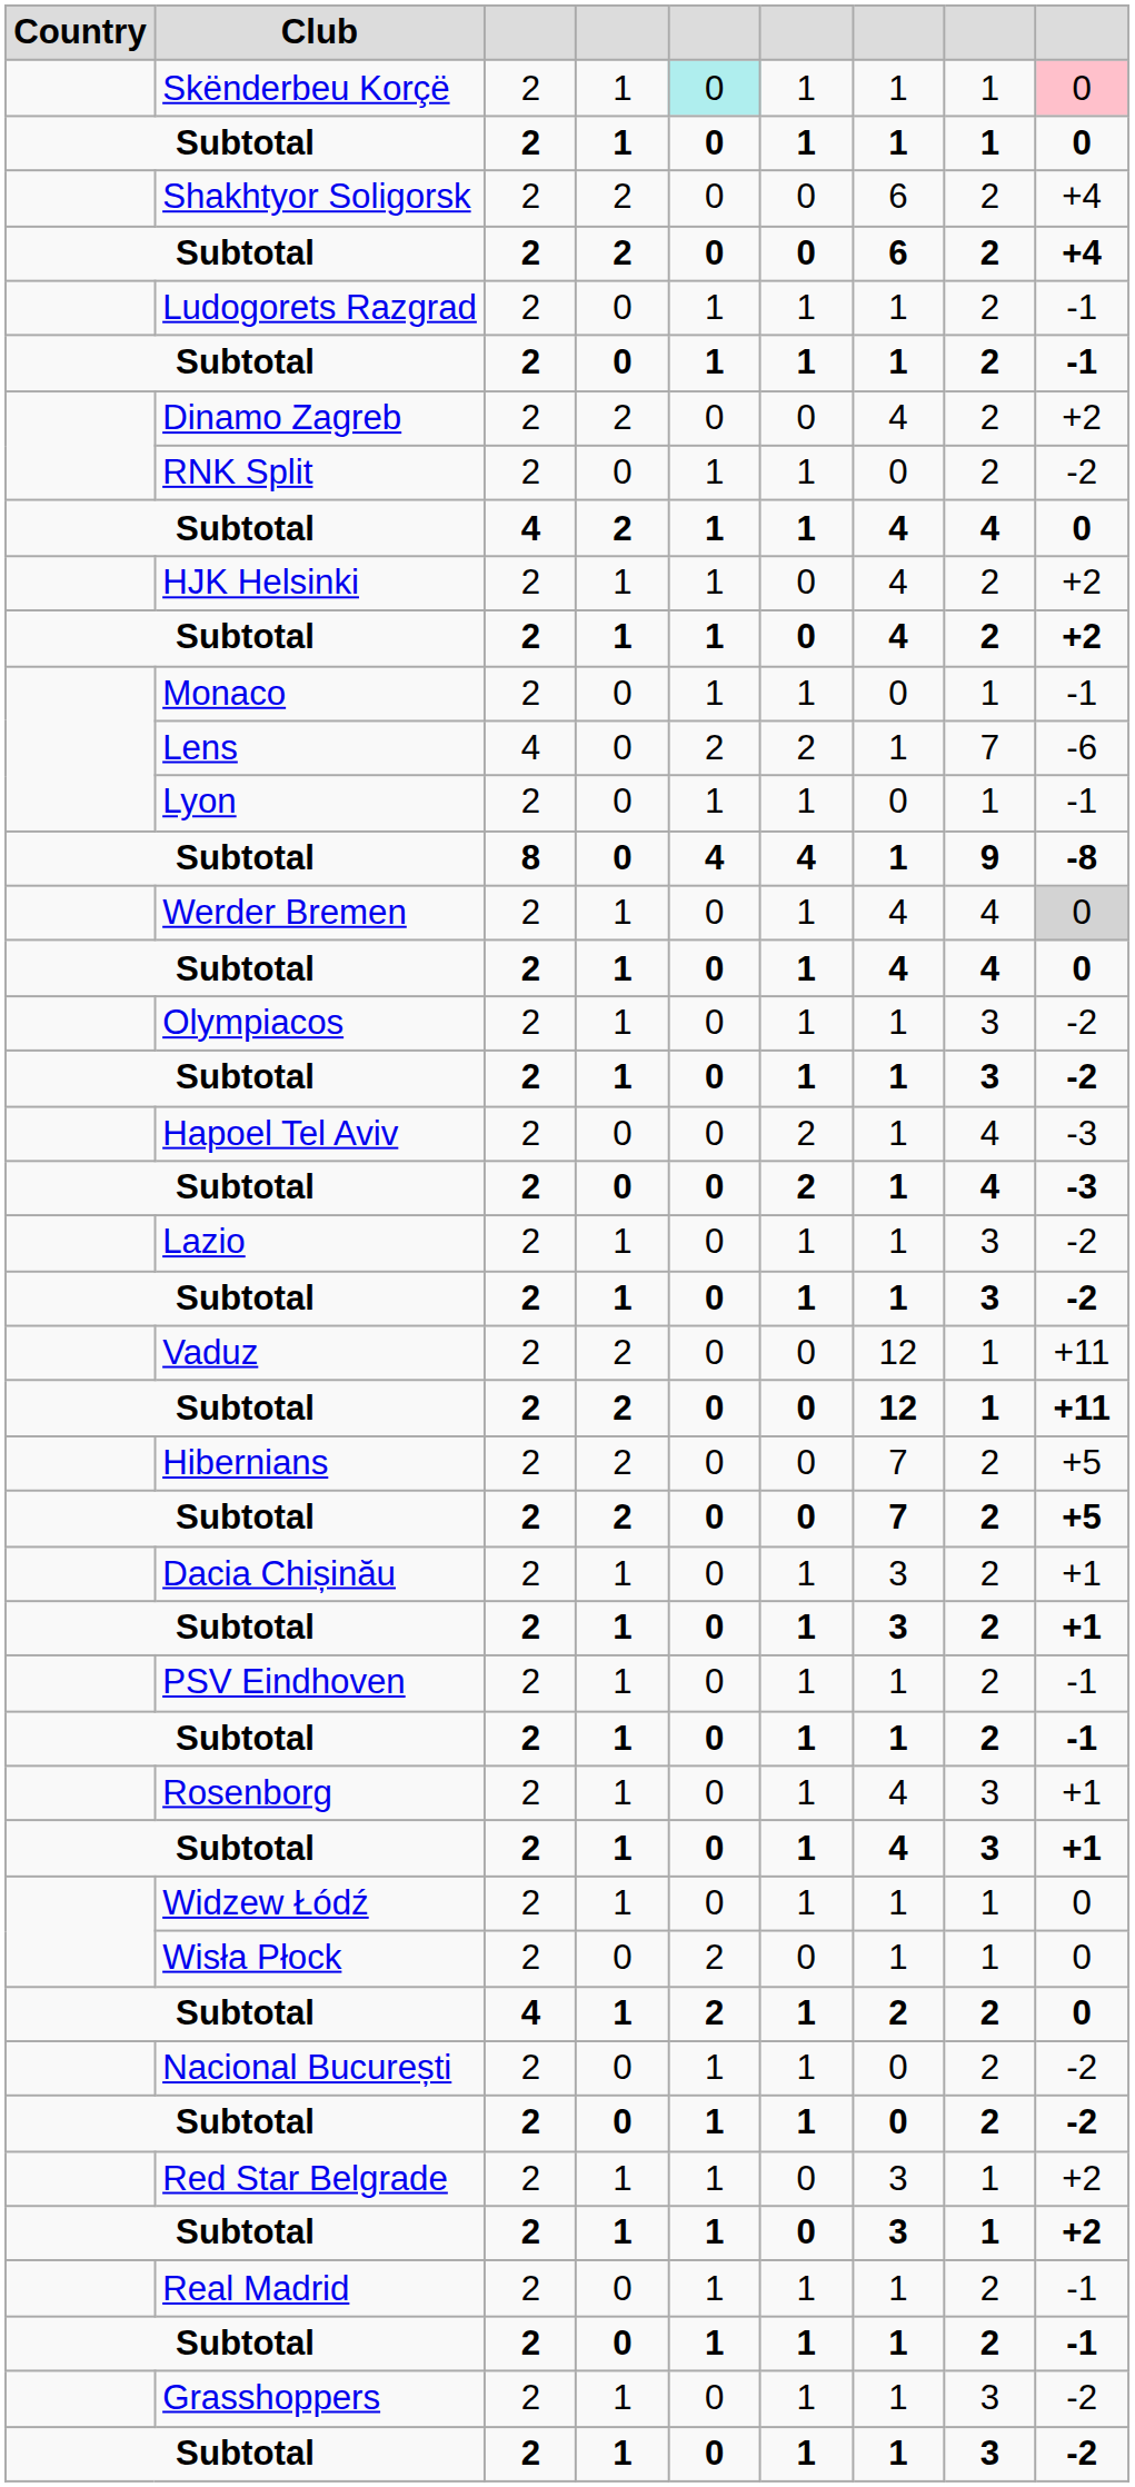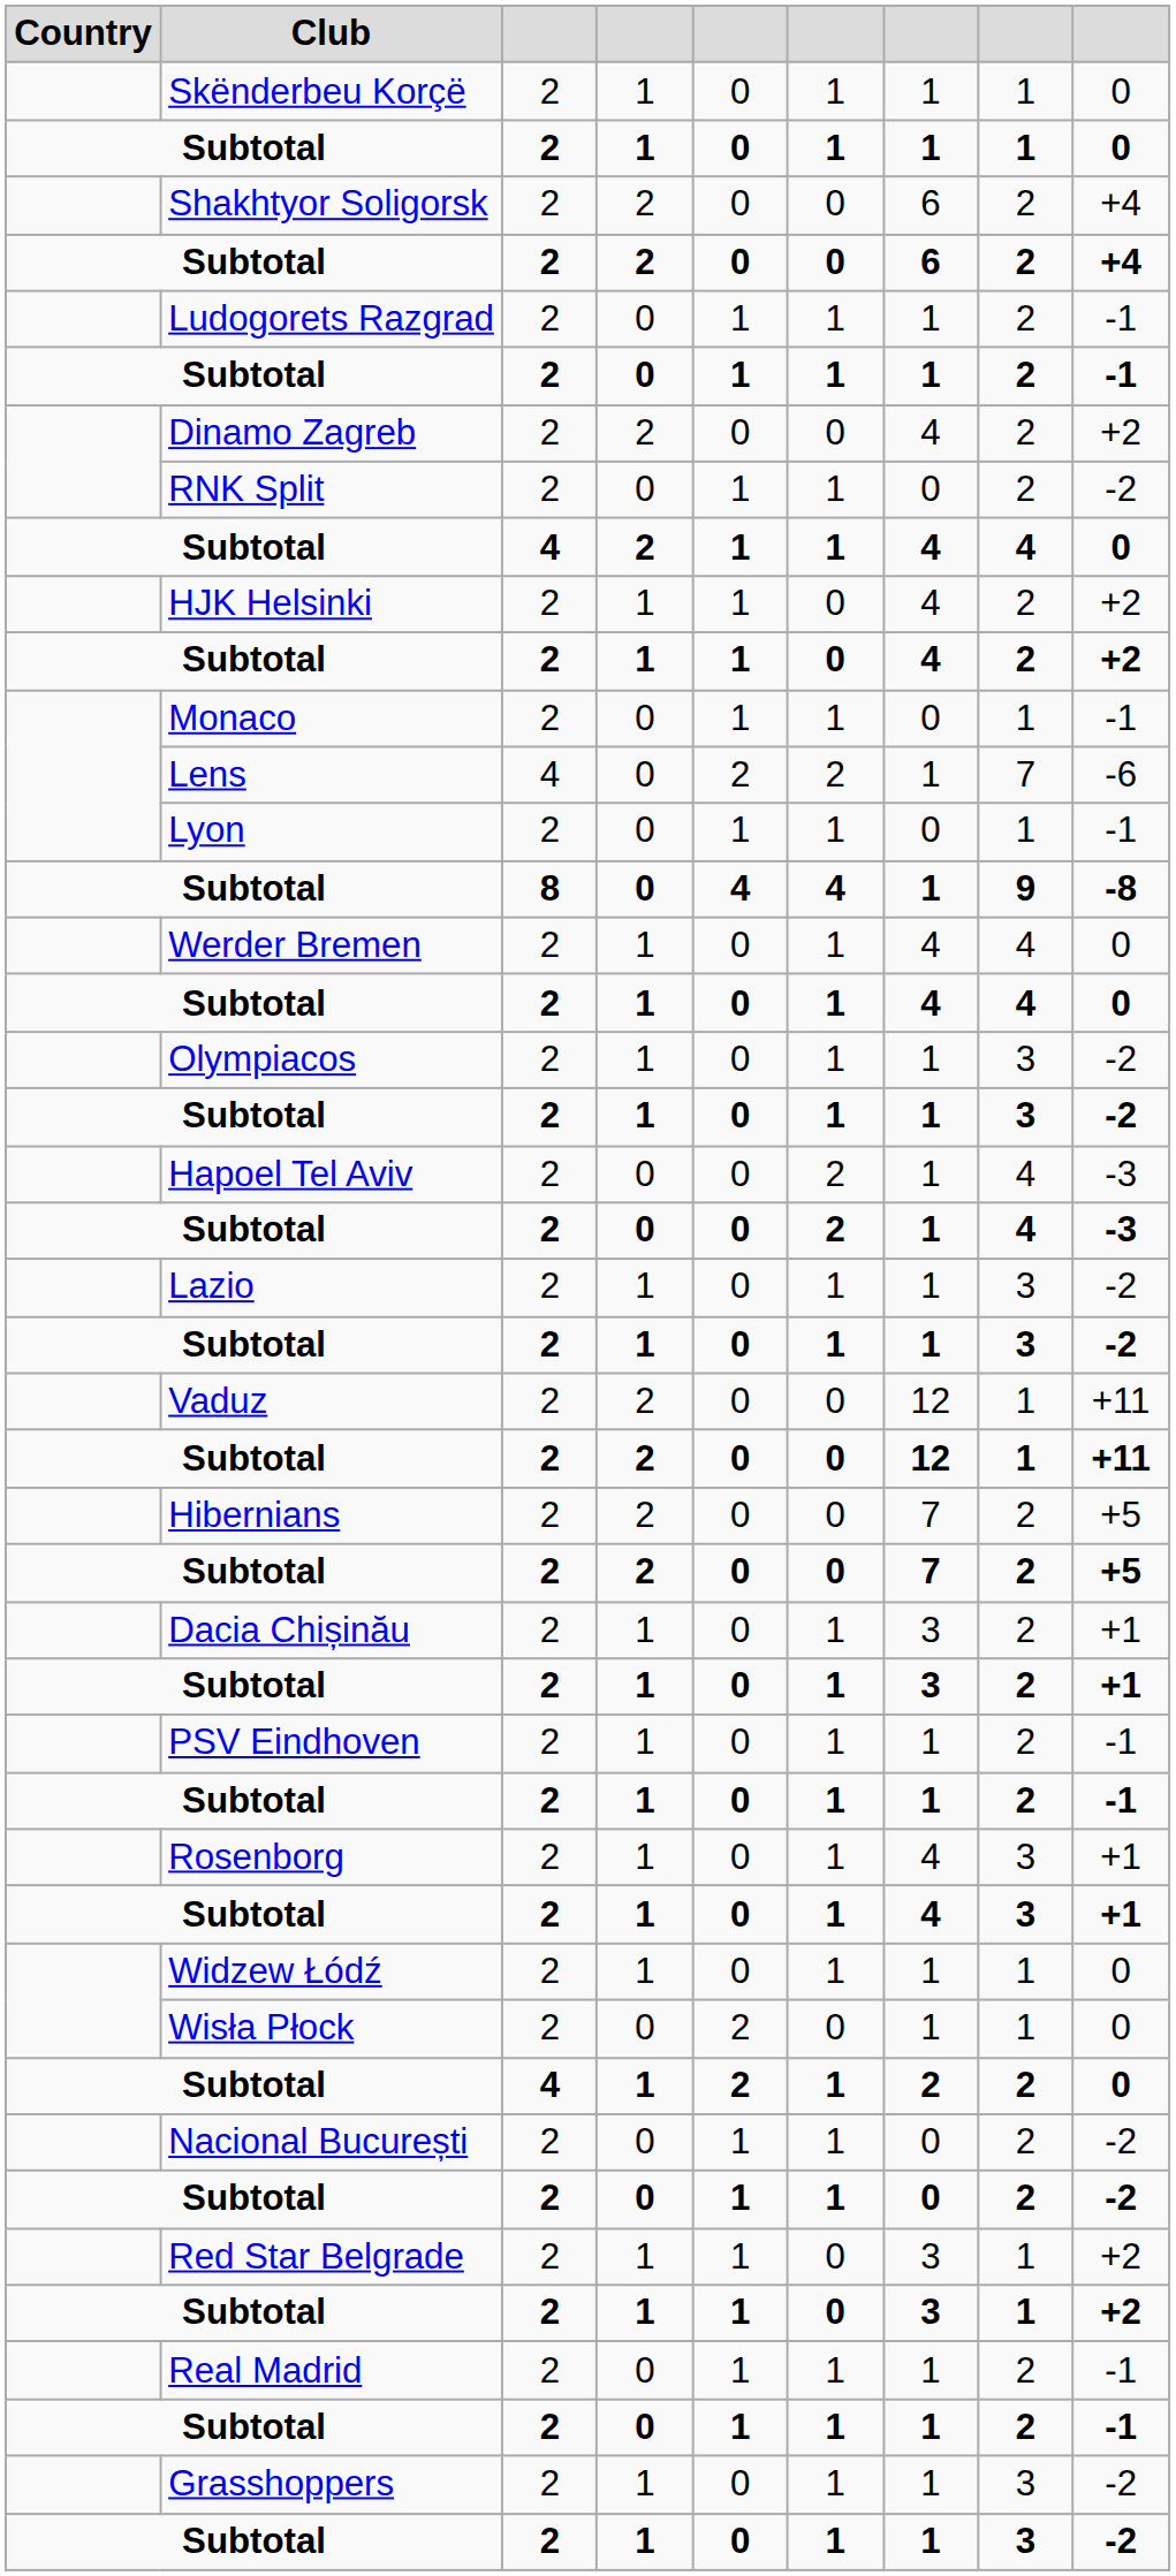 <table class="wikitable" style="text-align: center;">
 <tr>
 <th style="background:#DCDCDC">Country</th>
 <th style="background:#DCDCDC">Club</th>
 <th width="35" style="background:#DCDCDC"></th>
 <th width="35" style="background:#DCDCDC"></th>
 <th width="35" style="background:#DCDCDC"></th>
 <th width="35" style="background:#DCDCDC"></th>
 <th width="35" style="background:#DCDCDC"></th>
 <th width="35" style="background:#DCDCDC"></th>
 <th width="35" style="background:#DCDCDC"></th>
 </tr>
 <tr>
 <td rowspan=1 align=left></td>
 <td align=left><a href='#'>Skënderbeu Korçë</a></td>
 <td>2</td>
 <td>1</td>
-<td style="background: paleturquoise;">0</td>
+<td>0</td>
 <td>1</td>
 <td>1</td>
 <td>1</td>
-<td style="background: pink;">0</td>
+<td>0</td>
 </tr>
 <tr>
 <td colspan=2 align-"center"><strong>Subtotal</strong></td>
 <td><strong>2</strong></td>
 <td><strong>1</strong></td>
 <td><strong>0</strong></td>
 <td><strong>1</strong></td>
 <td><strong>1</strong></td>
 <td><strong>1</strong></td>
 <td><strong>0</strong></td>
 </tr>
 <tr>
 <td rowspan=1 align=left></td>
 <td align=left><a href='#'>Shakhtyor Soligorsk</a></td>
 <td>2</td>
 <td>2</td>
 <td>0</td>
 <td>0</td>
 <td>6</td>
 <td>2</td>
 <td>+4</td>
 </tr>
 <tr>
 <td colspan=2 align-"center"><strong>Subtotal</strong></td>
 <td><strong>2</strong></td>
 <td><strong>2</strong></td>
 <td><strong>0</strong></td>
 <td><strong>0</strong></td>
 <td><strong>6</strong></td>
 <td><strong>2</strong></td>
 <td><strong>+4</strong></td>
 </tr>
 <tr>
 <td rowspan=1 align=left></td>
 <td align=left><a href='#'>Ludogorets Razgrad</a></td>
 <td>2</td>
 <td>0</td>
 <td>1</td>
 <td>1</td>
 <td>1</td>
 <td>2</td>
 <td>-1</td>
 </tr>
 <tr>
 <td colspan=2 align-"center"><strong>Subtotal</strong></td>
 <td><strong>2</strong></td>
 <td><strong>0</strong></td>
 <td><strong>1</strong></td>
 <td><strong>1</strong></td>
 <td><strong>1</strong></td>
 <td><strong>2</strong></td>
 <td><strong>-1</strong></td>
 </tr>
 <tr>
 <td rowspan=2 align=left></td>
 <td align=left><a href='#'>Dinamo Zagreb</a></td>
 <td>2</td>
 <td>2</td>
 <td>0</td>
 <td>0</td>
 <td>4</td>
 <td>2</td>
 <td>+2</td>
 </tr>
 <tr>
 <td align=left><a href='#'>RNK Split</a></td>
 <td>2</td>
 <td>0</td>
 <td>1</td>
 <td>1</td>
 <td>0</td>
 <td>2</td>
 <td>-2</td>
 </tr>
 <tr>
 <td colspan=2 align-"center"><strong>Subtotal</strong></td>
 <td><strong>4</strong></td>
 <td><strong>2</strong></td>
 <td><strong>1</strong></td>
 <td><strong>1</strong></td>
 <td><strong>4</strong></td>
 <td><strong>4</strong></td>
 <td><strong>0</strong></td>
 </tr>
 <tr>
 <td rowspan=1 align=left></td>
 <td align=left><a href='#'>HJK Helsinki</a></td>
 <td>2</td>
 <td>1</td>
 <td>1</td>
 <td>0</td>
 <td>4</td>
 <td>2</td>
 <td>+2</td>
 </tr>
 <tr>
 <td colspan=2 align-"center"><strong>Subtotal</strong></td>
 <td><strong>2</strong></td>
 <td><strong>1</strong></td>
 <td><strong>1</strong></td>
 <td><strong>0</strong></td>
 <td><strong>4</strong></td>
 <td><strong>2</strong></td>
 <td><strong>+2</strong></td>
 </tr>
 <tr>
 <td rowspan=3 align=left></td>
 <td align=left><a href='#'>Monaco</a></td>
 <td>2</td>
 <td>0</td>
 <td>1</td>
 <td>1</td>
 <td>0</td>
 <td>1</td>
 <td>-1</td>
 </tr>
 <tr>
 <td align=left><a href='#'>Lens</a></td>
 <td>4</td>
 <td>0</td>
 <td>2</td>
 <td>2</td>
 <td>1</td>
 <td>7</td>
 <td>-6</td>
 </tr>
 <tr>
 <td align=left><a href='#'>Lyon</a></td>
 <td>2</td>
 <td>0</td>
 <td>1</td>
 <td>1</td>
 <td>0</td>
 <td>1</td>
 <td>-1</td>
 </tr>
 <tr>
 <td colspan=2 align-"center"><strong>Subtotal</strong></td>
 <td><strong>8</strong></td>
 <td><strong>0</strong></td>
 <td><strong>4</strong></td>
 <td><strong>4</strong></td>
 <td><strong>1</strong></td>
 <td><strong>9</strong></td>
 <td><strong>-8</strong></td>
 </tr>
 <tr>
 <td rowspan=1 align=left></td>
 <td align=left><a href='#'>Werder Bremen</a></td>
 <td>2</td>
 <td>1</td>
 <td>0</td>
 <td>1</td>
 <td>4</td>
 <td>4</td>
-<td style="background: lightgrey;">0</td>
+<td>0</td>
 </tr>
 <tr>
 <td colspan=2 align-"center"><strong>Subtotal</strong></td>
 <td><strong>2</strong></td>
 <td><strong>1</strong></td>
 <td><strong>0</strong></td>
 <td><strong>1</strong></td>
 <td><strong>4</strong></td>
 <td><strong>4</strong></td>
 <td><strong>0</strong></td>
 </tr>
 <tr>
 <td rowspan=1 align=left></td>
 <td align=left><a href='#'>Olympiacos</a></td>
 <td>2</td>
 <td>1</td>
 <td>0</td>
 <td>1</td>
 <td>1</td>
 <td>3</td>
 <td>-2</td>
 </tr>
 <tr>
 <td colspan=2 align-"center"><strong>Subtotal</strong></td>
 <td><strong>2</strong></td>
 <td><strong>1</strong></td>
 <td><strong>0</strong></td>
 <td><strong>1</strong></td>
 <td><strong>1</strong></td>
 <td><strong>3</strong></td>
 <td><strong>-2</strong></td>
 </tr>
 <tr>
 <td rowspan=1 align=left></td>
 <td align=left><a href='#'>Hapoel Tel Aviv</a></td>
 <td>2</td>
 <td>0</td>
 <td>0</td>
 <td>2</td>
 <td>1</td>
 <td>4</td>
 <td>-3</td>
 </tr>
 <tr>
 <td colspan=2 align-"center"><strong>Subtotal</strong></td>
 <td><strong>2</strong></td>
 <td><strong>0</strong></td>
 <td><strong>0</strong></td>
 <td><strong>2</strong></td>
 <td><strong>1</strong></td>
 <td><strong>4</strong></td>
 <td><strong>-3</strong></td>
 </tr>
 <tr>
 <td rowspan=1 align=left></td>
 <td align=left><a href='#'>Lazio</a></td>
 <td>2</td>
 <td>1</td>
 <td>0</td>
 <td>1</td>
 <td>1</td>
 <td>3</td>
 <td>-2</td>
 </tr>
 <tr>
 <td colspan=2 align-"center"><strong>Subtotal</strong></td>
 <td><strong>2</strong></td>
 <td><strong>1</strong></td>
 <td><strong>0</strong></td>
 <td><strong>1</strong></td>
 <td><strong>1</strong></td>
 <td><strong>3</strong></td>
 <td><strong>-2</strong></td>
 </tr>
 <tr>
 <td rowspan=1 align=left></td>
 <td align=left><a href='#'>Vaduz</a></td>
 <td>2</td>
 <td>2</td>
 <td>0</td>
 <td>0</td>
 <td>12</td>
 <td>1</td>
 <td>+11</td>
 </tr>
 <tr>
 <td colspan=2 align-"center"><strong>Subtotal</strong></td>
 <td><strong>2</strong></td>
 <td><strong>2</strong></td>
 <td><strong>0</strong></td>
 <td><strong>0</strong></td>
 <td><strong>12</strong></td>
 <td><strong>1</strong></td>
 <td><strong>+11</strong></td>
 </tr>
 <tr>
 <td rowspan=1 align=left></td>
 <td align=left><a href='#'>Hibernians</a></td>
 <td>2</td>
 <td>2</td>
 <td>0</td>
 <td>0</td>
 <td>7</td>
 <td>2</td>
 <td>+5</td>
 </tr>
 <tr>
 <td colspan=2 align-"center"><strong>Subtotal</strong></td>
 <td><strong>2</strong></td>
 <td><strong>2</strong></td>
 <td><strong>0</strong></td>
 <td><strong>0</strong></td>
 <td><strong>7</strong></td>
 <td><strong>2</strong></td>
 <td><strong>+5</strong></td>
 </tr>
 <tr>
 <td rowspan=1 align=left></td>
 <td align=left><a href='#'>Dacia Chișinău</a></td>
 <td>2</td>
 <td>1</td>
 <td>0</td>
 <td>1</td>
 <td>3</td>
 <td>2</td>
 <td>+1</td>
 </tr>
 <tr>
 <td colspan=2 align-"center"><strong>Subtotal</strong></td>
 <td><strong>2</strong></td>
 <td><strong>1</strong></td>
 <td><strong>0</strong></td>
 <td><strong>1</strong></td>
 <td><strong>3</strong></td>
 <td><strong>2</strong></td>
 <td><strong>+1</strong></td>
 </tr>
 <tr>
 <td rowspan=1 align=left></td>
 <td align=left><a href='#'>PSV Eindhoven</a></td>
 <td>2</td>
 <td>1</td>
 <td>0</td>
 <td>1</td>
 <td>1</td>
 <td>2</td>
 <td>-1</td>
 </tr>
 <tr>
 <td colspan=2 align-"center"><strong>Subtotal</strong></td>
 <td><strong>2</strong></td>
 <td><strong>1</strong></td>
 <td><strong>0</strong></td>
 <td><strong>1</strong></td>
 <td><strong>1</strong></td>
 <td><strong>2</strong></td>
 <td><strong>-1</strong></td>
 </tr>
 <tr>
 <td rowspan=1 align=left></td>
 <td align=left><a href='#'>Rosenborg</a></td>
 <td>2</td>
 <td>1</td>
 <td>0</td>
 <td>1</td>
 <td>4</td>
 <td>3</td>
 <td>+1</td>
 </tr>
 <tr>
 <td colspan=2 align-"center"><strong>Subtotal</strong></td>
 <td><strong>2</strong></td>
 <td><strong>1</strong></td>
 <td><strong>0</strong></td>
 <td><strong>1</strong></td>
 <td><strong>4</strong></td>
 <td><strong>3</strong></td>
 <td><strong>+1</strong></td>
 </tr>
 <tr>
 <td rowspan=2 align=left></td>
 <td align=left><a href='#'>Widzew Łódź</a></td>
 <td>2</td>
 <td>1</td>
 <td>0</td>
 <td>1</td>
 <td>1</td>
 <td>1</td>
 <td>0</td>
 </tr>
 <tr>
 <td align=left><a href='#'>Wisła Płock</a></td>
 <td>2</td>
 <td>0</td>
 <td>2</td>
 <td>0</td>
 <td>1</td>
 <td>1</td>
 <td>0</td>
 </tr>
 <tr>
 <td colspan=2 align-"center"><strong>Subtotal</strong></td>
 <td><strong>4</strong></td>
 <td><strong>1</strong></td>
 <td><strong>2</strong></td>
 <td><strong>1</strong></td>
 <td><strong>2</strong></td>
 <td><strong>2</strong></td>
 <td><strong>0</strong></td>
 </tr>
 <tr>
 <td rowspan=1 align=left></td>
 <td align=left><a href='#'>Nacional București</a></td>
 <td>2</td>
 <td>0</td>
 <td>1</td>
 <td>1</td>
 <td>0</td>
 <td>2</td>
 <td>-2</td>
 </tr>
 <tr>
 <td colspan=2 align-"center"><strong>Subtotal</strong></td>
 <td><strong>2</strong></td>
 <td><strong>0</strong></td>
 <td><strong>1</strong></td>
 <td><strong>1</strong></td>
 <td><strong>0</strong></td>
 <td><strong>2</strong></td>
 <td><strong>-2</strong></td>
 </tr>
 <tr>
 <td rowspan=1 align=left></td>
 <td align=left><a href='#'>Red Star Belgrade</a></td>
 <td>2</td>
 <td>1</td>
 <td>1</td>
 <td>0</td>
 <td>3</td>
 <td>1</td>
 <td>+2</td>
 </tr>
 <tr>
 <td colspan=2 align-"center"><strong>Subtotal</strong></td>
 <td><strong>2</strong></td>
 <td><strong>1</strong></td>
 <td><strong>1</strong></td>
 <td><strong>0</strong></td>
 <td><strong>3</strong></td>
 <td><strong>1</strong></td>
 <td><strong>+2</strong></td>
 </tr>
 <tr>
 <td rowspan=1 align=left></td>
 <td align=left><a href='#'>Real Madrid</a></td>
 <td>2</td>
 <td>0</td>
 <td>1</td>
 <td>1</td>
 <td>1</td>
 <td>2</td>
 <td>-1</td>
 </tr>
 <tr>
 <td colspan=2 align-"center"><strong>Subtotal</strong></td>
 <td><strong>2</strong></td>
 <td><strong>0</strong></td>
 <td><strong>1</strong></td>
 <td><strong>1</strong></td>
 <td><strong>1</strong></td>
 <td><strong>2</strong></td>
 <td><strong>-1</strong></td>
 </tr>
 <tr>
 <td rowspan=1 align=left></td>
 <td align=left><a href='#'>Grasshoppers</a></td>
 <td>2</td>
 <td>1</td>
 <td>0</td>
 <td>1</td>
 <td>1</td>
 <td>3</td>
 <td>-2</td>
 </tr>
 <tr>
 <td colspan=2 align-"center"><strong>Subtotal</strong></td>
 <td><strong>2</strong></td>
 <td><strong>1</strong></td>
 <td><strong>0</strong></td>
 <td><strong>1</strong></td>
 <td><strong>1</strong></td>
 <td><strong>3</strong></td>
 <td><strong>-2</strong></td>
 </tr>
 </table>
